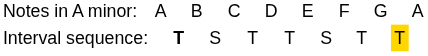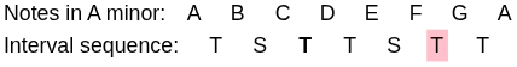 <table border=0 cellspacing=0 cellpadding=3>
 <tr>
 <td> </td>
 <td>Notes in A minor:</td>
 <td>A</td>
 <td> </td>
 <td>B</td>
 <td> </td>
 <td>C</td>
 <td> </td>
 <td>D</td>
 <td> </td>
 <td>E</td>
 <td> </td>
 <td>F</td>
 <td> </td>
 <td>G</td>
 <td> </td>
 <td>A</td>
 </tr>
 <tr>
 <td> </td>
 <td>Interval sequence:</td>
 <td> </td>
-<td><strong>T</strong></td>
+<td>T</td>
 <td> </td>
 <td>S</td>
 <td> </td>
-<td>T</td>
+<td><strong>T</strong></td>
 <td> </td>
 <td>T</td>
 <td> </td>
 <td>S</td>
 <td> </td>
+<td style="background: pink;">T</td>
+<td> </td>
 <td>T</td>
-<td> </td>
-<td style="background: gold;">T</td>
 <td> </td>
 </tr>
 </table>
